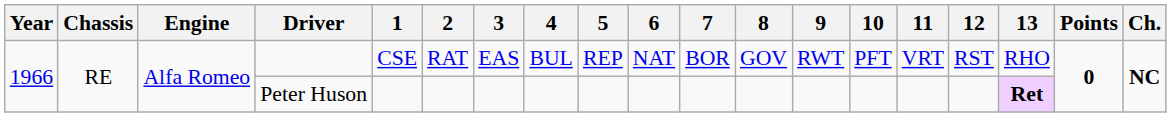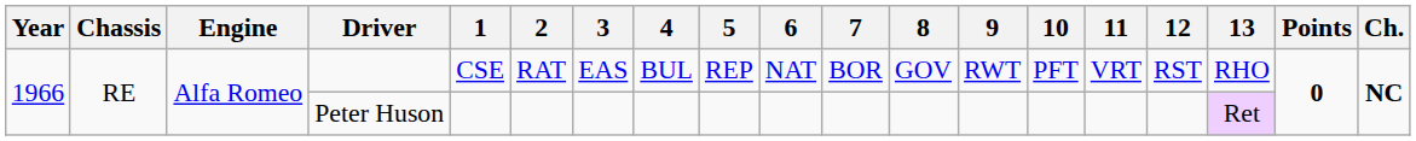 <table class="wikitable" style="text-align:center; font-size:95%">
 <tr>
 <th>Year</th>
 <th>Chassis</th>
 <th>Engine</th>
 <th>Driver</th>
 <th>1</th>
 <th>2</th>
 <th>3</th>
 <th>4</th>
 <th>5</th>
 <th>6</th>
 <th>7</th>
 <th>8</th>
 <th>9</th>
 <th>10</th>
 <th>11</th>
 <th>12</th>
 <th>13</th>
 <th>Points</th>
 <th>Ch.</th>
 </tr>
 <tr>
 <td rowspan="2"><a href='#'>1966</a></td>
 <td rowspan="2">RE</td>
 <td rowspan="2"><a href='#'>Alfa Romeo</a></td>
 <td></td>
 <td><a href='#'>CSE</a></td>
 <td><a href='#'>RAT</a></td>
 <td><a href='#'>EAS</a></td>
 <td><a href='#'>BUL</a></td>
 <td><a href='#'>REP</a></td>
 <td><a href='#'>NAT</a></td>
 <td><a href='#'>BOR</a></td>
 <td><a href='#'>GOV</a></td>
 <td><a href='#'>RWT</a></td>
 <td><a href='#'>PFT</a></td>
 <td><a href='#'>VRT</a></td>
 <td><a href='#'>RST</a></td>
 <td><a href='#'>RHO</a></td>
 <td rowspan="2"><strong>0</strong></td>
 <td rowspan="2"><strong>NC</strong></td>
 </tr>
 <tr>
 <td>Peter Huson</td>
 <td></td>
 <td></td>
 <td></td>
 <td></td>
 <td></td>
 <td></td>
 <td></td>
 <td></td>
 <td></td>
 <td></td>
 <td></td>
 <td></td>
-<td style="background:#EFCFFF;"><strong>Ret</strong></td>
+<td style="background:#EFCFFF;">Ret</td>
 </tr>
 </table>
